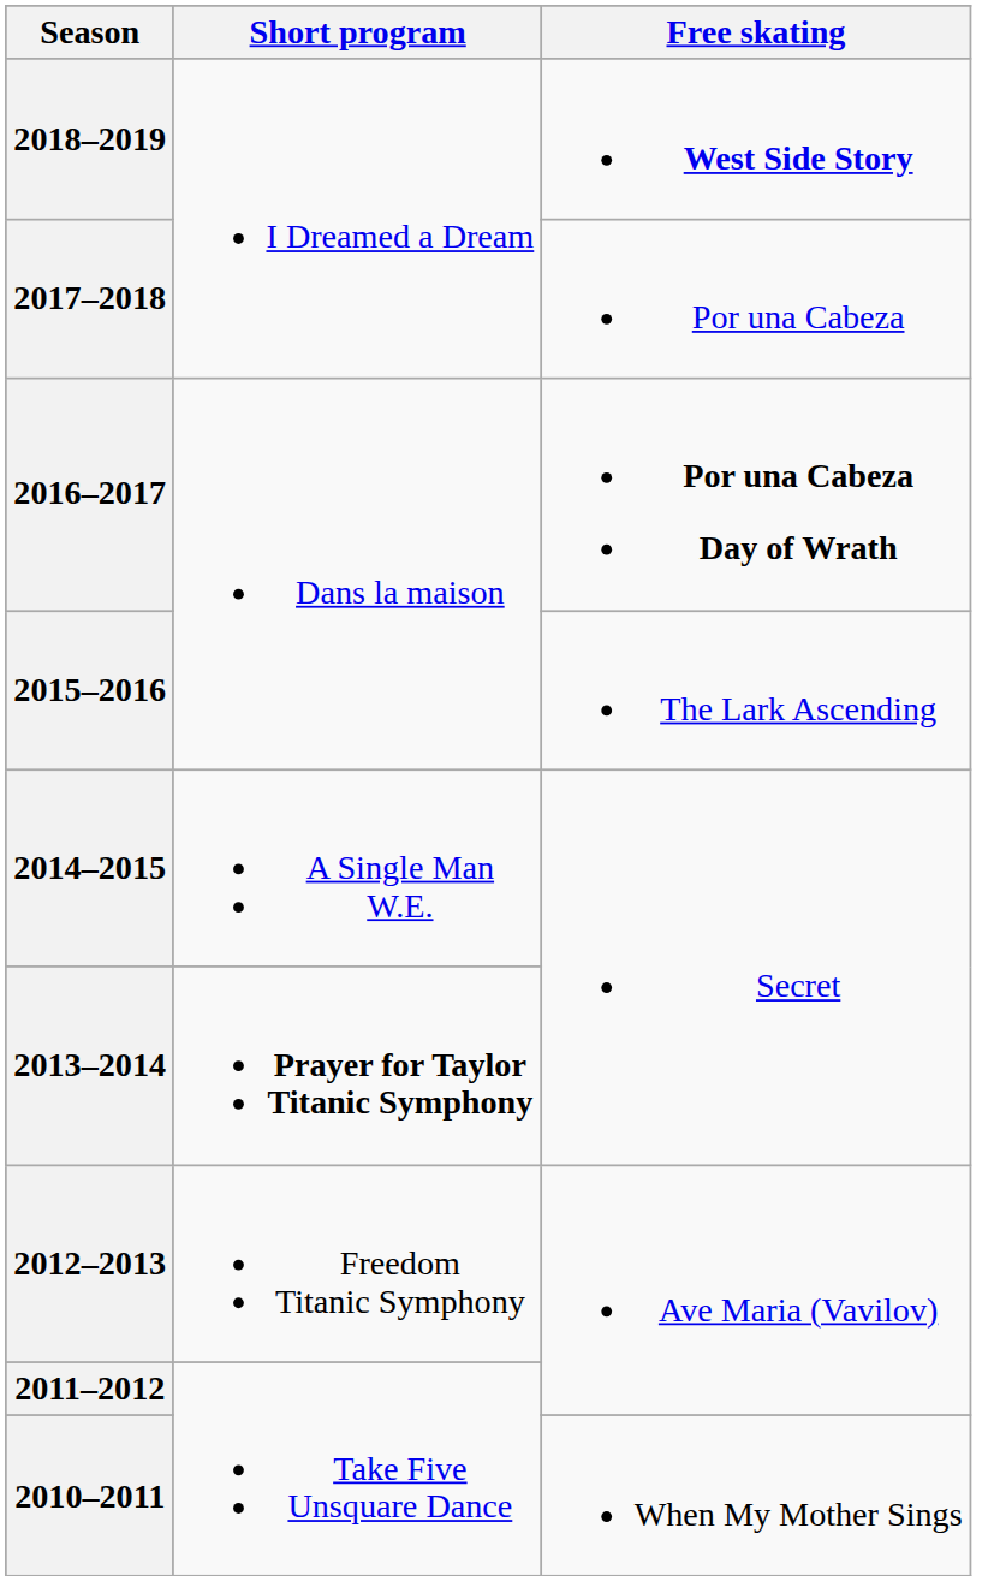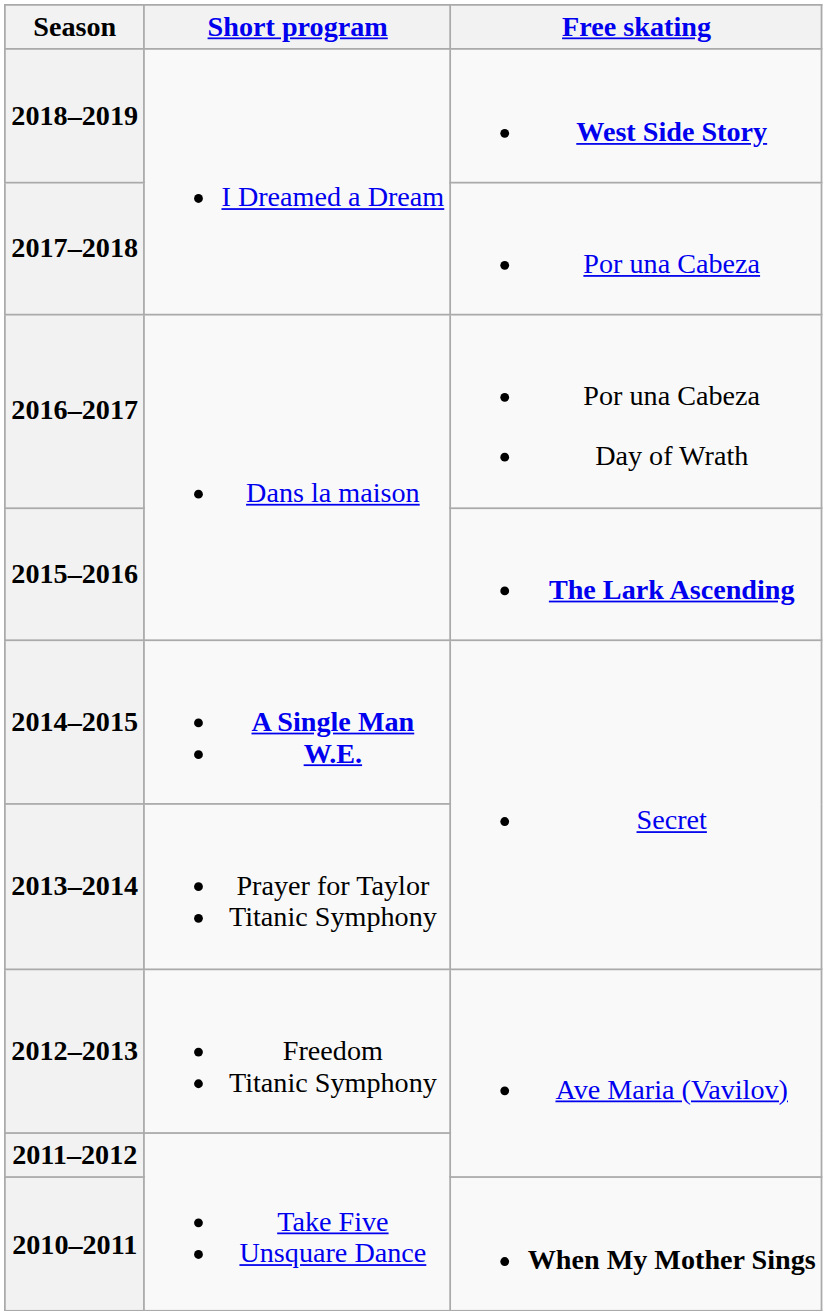 <table class=wikitable style=text-align:center>
 <tr>
 <th>Season</th>
 <th><a href='#'>Short program</a></th>
 <th><a href='#'>Free skating</a></th>
 </tr>
 <tr>
 <th>2018–2019 <br></th>
 <td rowspan=2><br><ul><li><a href='#'>I Dreamed a Dream</a> <br></li></ul></td>
 <td><strong><br><ul><li><a href='#'>West Side Story</a> <br></li></ul></strong></td>
 </tr>
 <tr>
 <th>2017–2018 <br></th>
 <td><br><ul><li><a href='#'>Por una Cabeza</a> <br></li></ul></td>
 </tr>
 <tr>
 <th>2016–2017 <br></th>
 <td rowspan=2><br><ul><li><a href='#'>Dans la maison</a> <br></li></ul></td>
-<td><strong><br><ul><li>Por una Cabeza <br></li></ul><ul><li>Day of Wrath <br></li></ul></strong></td>
+<td><br><ul><li>Por una Cabeza <br></li></ul><ul><li>Day of Wrath <br></li></ul></td>
 </tr>
 <tr>
 <th>2015–2016 <br></th>
-<td><br><ul><li><a href='#'>The Lark Ascending</a> <br></li></ul></td>
+<td><strong><br><ul><li><a href='#'>The Lark Ascending</a> <br></li></ul></strong></td>
 </tr>
 <tr>
 <th>2014–2015 <br></th>
-<td><br><ul><li><a href='#'>A Single Man</a> <br></li><li><a href='#'>W.E.</a> <br></li></ul></td>
+<td><strong><br><ul><li><a href='#'>A Single Man</a> <br></li><li><a href='#'>W.E.</a> <br></li></ul></strong></td>
 <td rowspan=2><br><ul><li><a href='#'>Secret</a> <br></li></ul></td>
 </tr>
 <tr>
 <th>2013–2014 <br></th>
-<td><strong><br><ul><li>Prayer for Taylor <br></li><li>Titanic Symphony <br></li></ul></strong></td>
+<td><br><ul><li>Prayer for Taylor <br></li><li>Titanic Symphony <br></li></ul></td>
 </tr>
 <tr>
 <th>2012–2013 <br></th>
 <td><br><ul><li>Freedom <br></li><li>Titanic Symphony <br></li></ul></td>
 <td rowspan=2><br><ul><li><a href='#'>Ave Maria (Vavilov)</a></li></ul></td>
 </tr>
 <tr>
 <th>2011–2012 <br></th>
 <td rowspan=2><br><ul><li><a href='#'>Take Five</a> <br></li><li><a href='#'>Unsquare Dance</a> <br></li></ul></td>
 </tr>
 <tr>
 <th>2010–2011 <br></th>
-<td><br><ul><li>When My Mother Sings <br></li></ul></td>
+<td><strong><br><ul><li>When My Mother Sings <br></li></ul></strong></td>
 </tr>
 </table>
